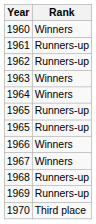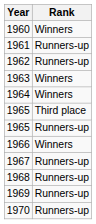 <table class="wikitable" border="1">
 <tr>
 <th>Year</th>
 <th>Rank</th>
 </tr>
 <tr>
 <td>1960</td>
 <td>Winners</td>
 </tr>
 <tr>
 <td>1961</td>
 <td>Runners-up</td>
 </tr>
 <tr>
 <td>1962</td>
 <td>Runners-up</td>
 </tr>
 <tr>
 <td>1963</td>
 <td>Winners</td>
 </tr>
 <tr>
 <td>1964</td>
 <td>Winners</td>
 </tr>
 <tr>
 <td>1965</td>
-<td>Runners-up</td>
+<td>Third place</td>
 </tr>
 <tr>
 <td>1965</td>
 <td>Runners-up</td>
 </tr>
 <tr>
 <td>1966</td>
 <td>Winners</td>
 </tr>
 <tr>
 <td>1967</td>
-<td>Winners</td>
+<td>Runners-up</td>
 </tr>
 <tr>
 <td>1968</td>
 <td>Runners-up</td>
 </tr>
 <tr>
 <td>1969</td>
 <td>Runners-up</td>
 </tr>
 <tr>
 <td>1970</td>
-<td>Third place</td>
+<td>Runners-up</td>
 </tr>
 </table>
